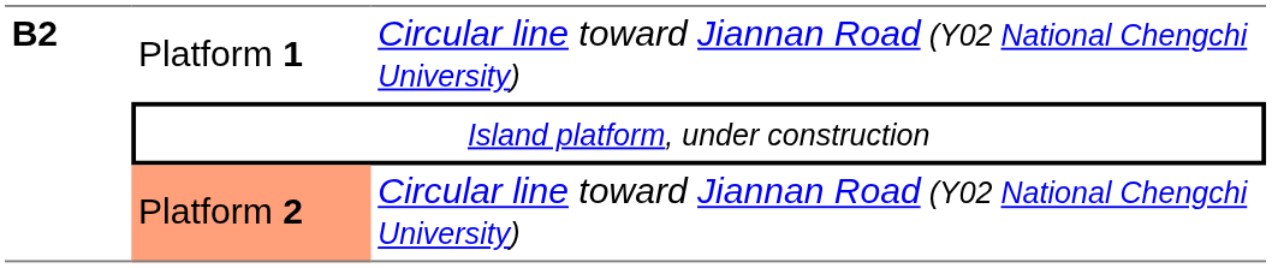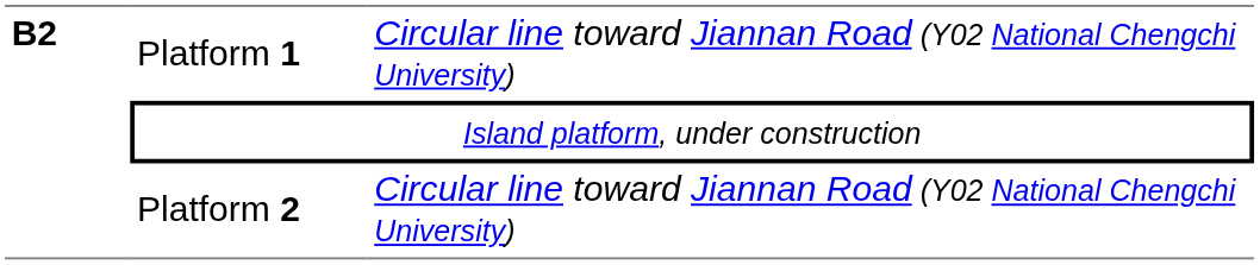 <table table border=0 cellspacing=0 cellpadding=3>
 <tr>
 <td style="border-top:solid 1px gray;border-bottom:solid 1px gray;" width=50 rowspan=3 valign=top><strong>B2</strong></td>
 <td style="border-top:solid 1px gray;" width=100>Platform <span><strong>1</strong></span></td>
 <td style="border-top:solid 1px gray;" width=390><em> <a href='#'>Circular line</a> toward <a href='#'>Jiannan Road</a><small> (Y02 <a href='#'>National Chengchi University</a>)</small></em></td>
 </tr>
 <tr>
 <td style="border-top:solid 2px black;border-right:solid 2px black;border-left:solid 2px black;border-bottom:solid 2px black;text-align:center;" colspan=2><em><small><a href='#'>Island platform</a>, under construction</small></em></td>
 </tr>
 <tr>
-<td style="background: lightsalmon; border-bottom:solid 1px gray;">Platform <span><strong>2</strong></span></td>
+<td style="border-bottom:solid 1px gray;">Platform <span><strong>2</strong></span></td>
 <td style="border-bottom:solid 1px gray;"><em> <a href='#'>Circular line</a> toward <a href='#'>Jiannan Road</a><small> (Y02 <a href='#'>National Chengchi University</a>)</small></em></td>
 </tr>
 <tr>
 </tr>
 </table>
